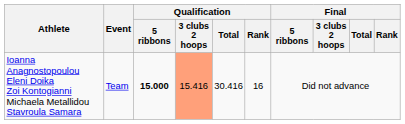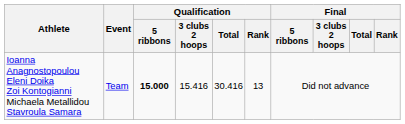 <table class="wikitable" style="font-size:90%">
 <tr>
 <th rowspan="2">Athlete</th>
 <th rowspan="2">Event</th>
 <th colspan="4">Qualification</th>
 <th colspan="4">Final</th>
 </tr>
 <tr style="font-size:95%">
 <th>5 ribbons</th>
 <th>3 clubs<br>2 hoops</th>
 <th>Total</th>
 <th>Rank</th>
 <th>5 ribbons</th>
 <th>3 clubs<br>2 hoops</th>
 <th>Total</th>
 <th>Rank</th>
 </tr>
 <tr align=center>
 <td align=left><a href='#'>Ioanna Anagnostopoulou</a><br><a href='#'>Eleni Doika</a><br><a href='#'>Zoi Kontogianni</a><br>Michaela Metallidou<br><a href='#'>Stavroula Samara</a></td>
 <td align=left><a href='#'>Team</a></td>
 <td><strong>15.000</strong></td>
-<td style="background: lightsalmon;">15.416</td>
+<td>15.416</td>
 <td>30.416</td>
-<td>16</td>
+<td>13</td>
 <td colspan="4">Did not advance</td>
 </tr>
 </table>
